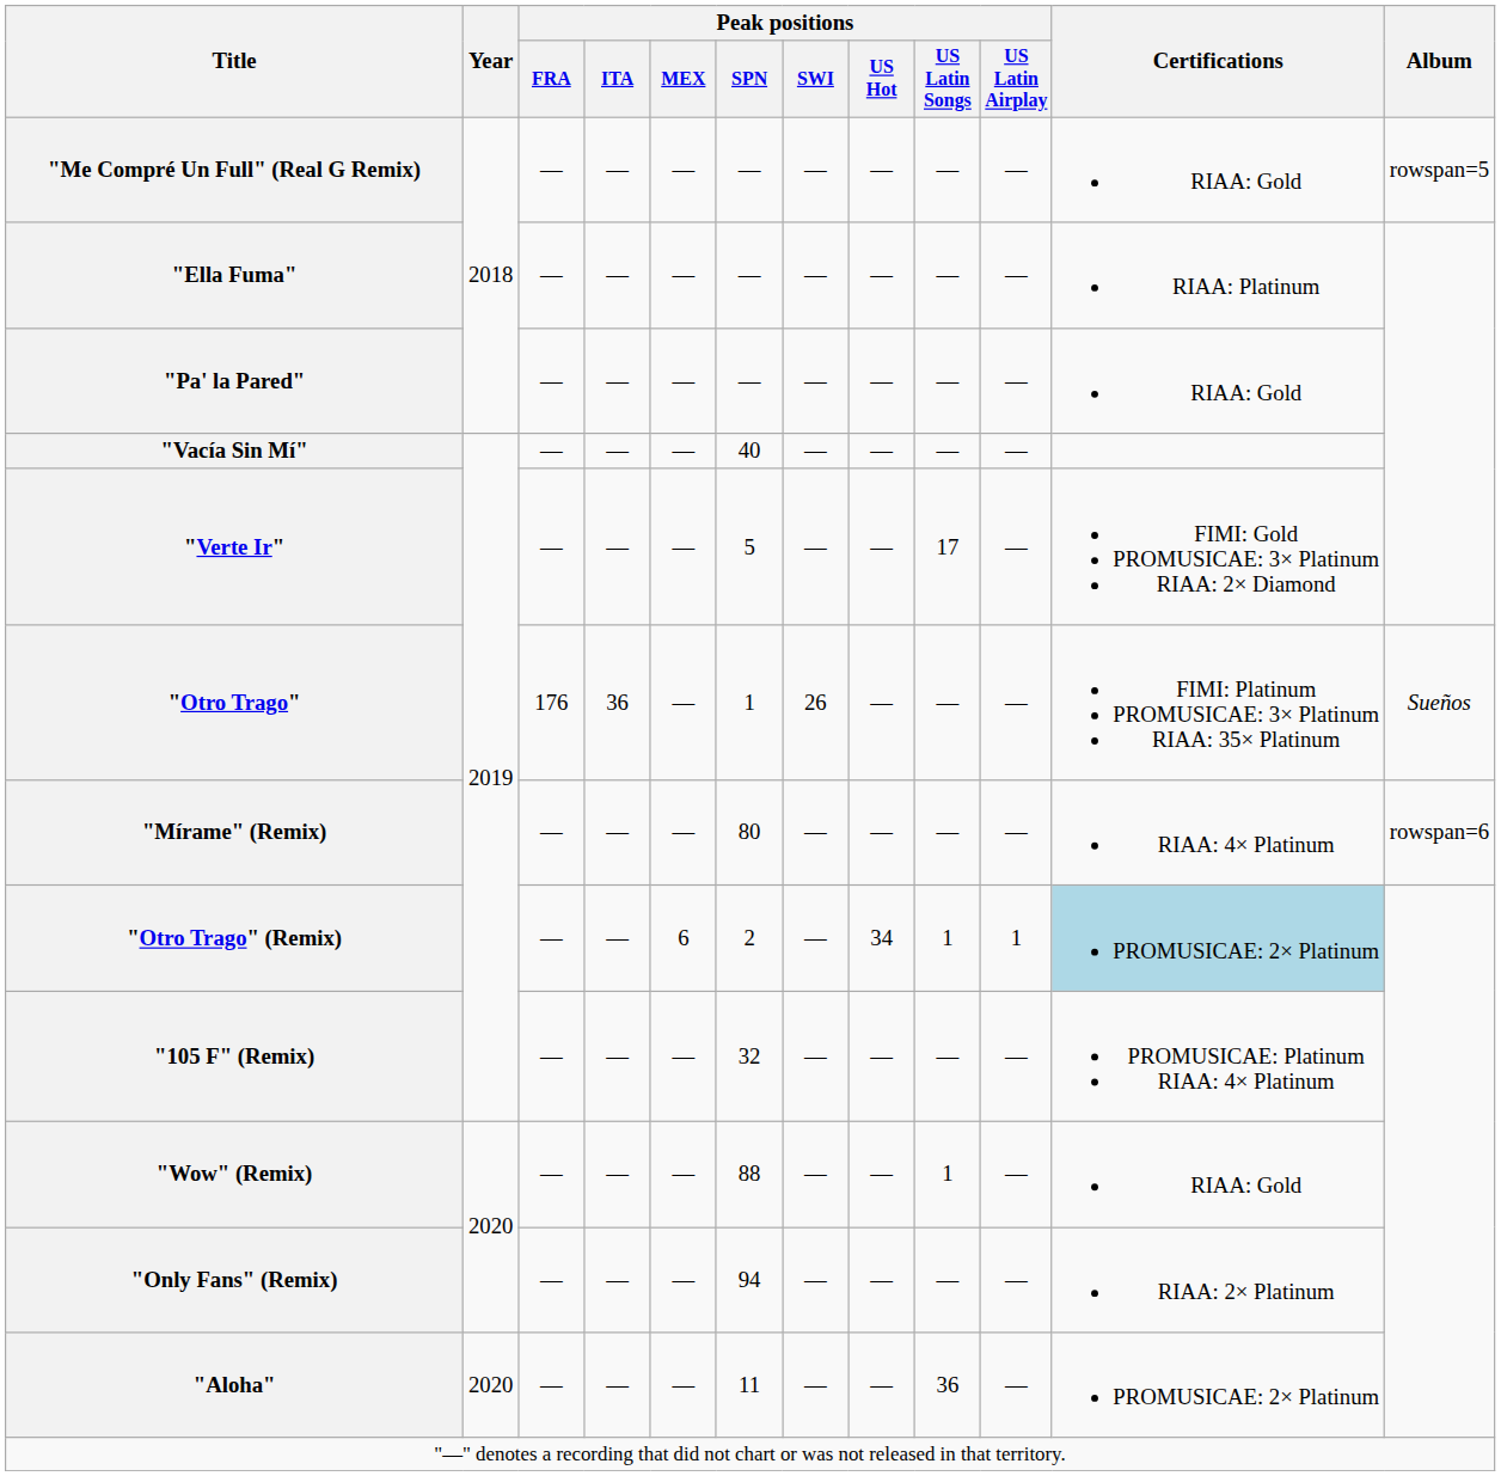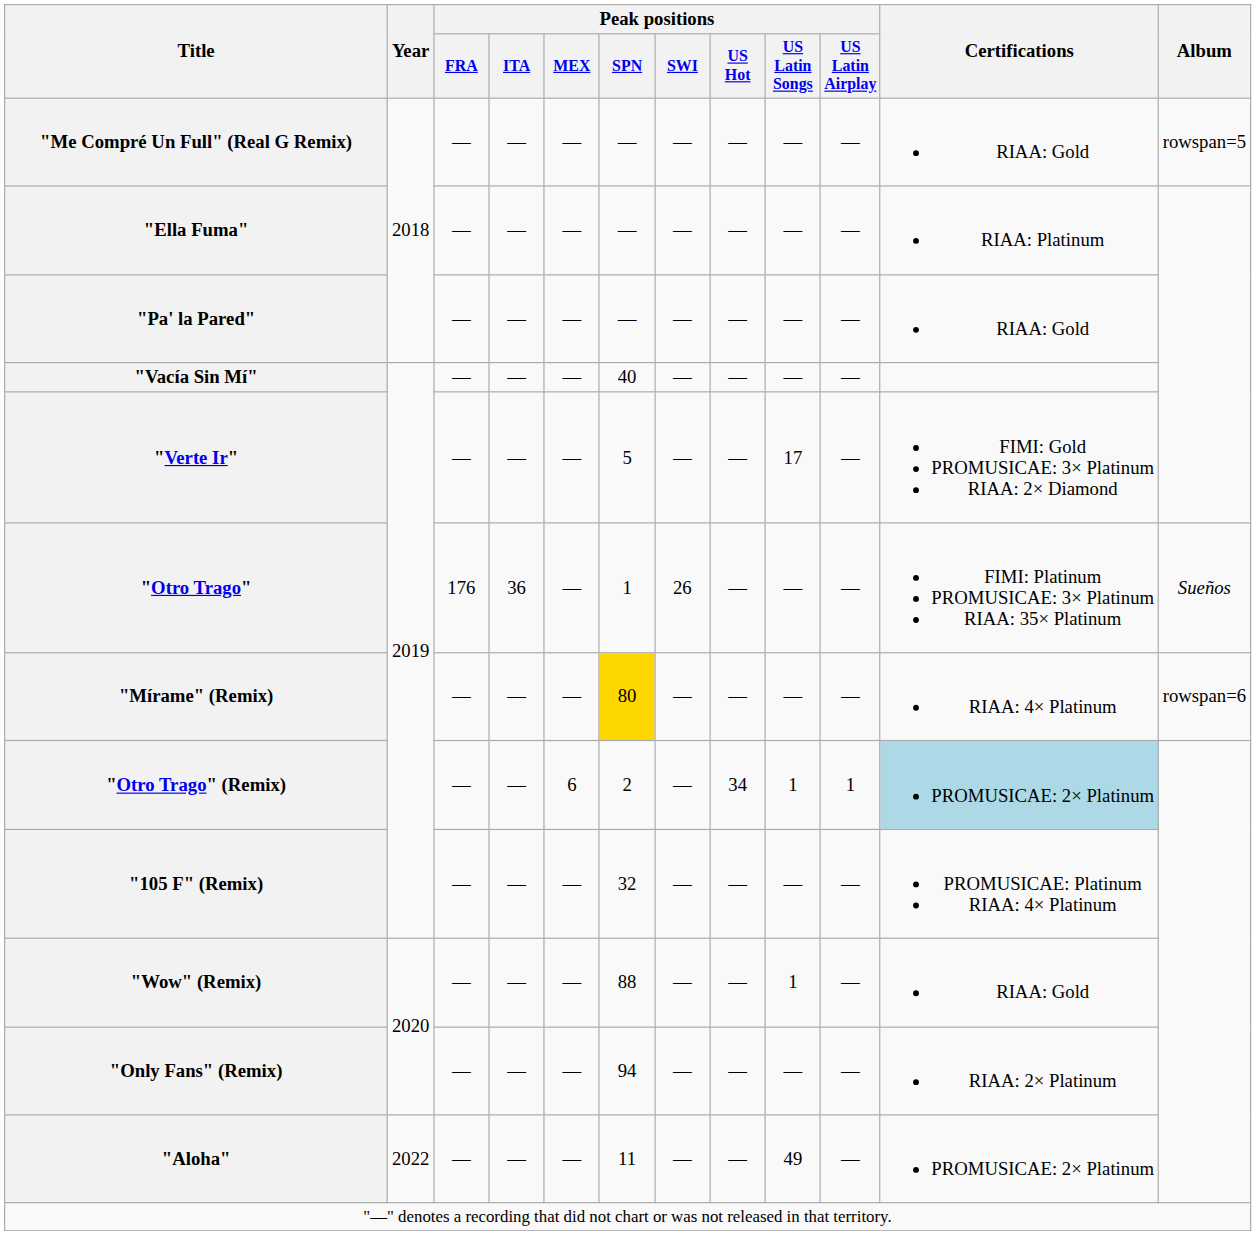 <table class="wikitable plainrowheaders" style="text-align:center">
 <tr>
 <th scope="col" rowspan="2" style="width:20em;">Title</th>
 <th scope="col" rowspan="2">Year</th>
 <th scope="col" colspan="8">Peak positions</th>
 <th scope="col" rowspan="2">Certifications</th>
 <th scope="col" rowspan="2">Album</th>
 </tr>
 <tr>
 <th scope="col" style="width:3em;font-size:85%;"><a href='#'>FRA</a><br></th>
 <th scope="col" style="width:3em;font-size:85%;"><a href='#'>ITA</a><br></th>
 <th scope="col" style="width:3em;font-size:85%;"><a href='#'>MEX</a><br></th>
 <th scope="col" style="width:3em;font-size:85%;"><a href='#'>SPN</a><br></th>
 <th scope="col" style="width:3em;font-size:85%;"><a href='#'>SWI</a><br></th>
 <th scope="col" style="width:3em;font-size:85%;"><a href='#'>US<br>Hot</a><br></th>
 <th scope="col" style="width:3em;font-size:85%;"><a href='#'>US<br>Latin<br>Songs</a><br></th>
 <th scope="col" style="width:3em;font-size:85%;"><a href='#'>US<br>Latin<br>Airplay</a><br></th>
 </tr>
 <tr>
 <th scope="row">"Me Compré Un Full" (Real G Remix)<br></th>
 <td rowspan=3>2018</td>
 <td>—</td>
 <td>—</td>
 <td>—</td>
 <td>—</td>
 <td>—</td>
 <td>—</td>
 <td>—</td>
 <td>—</td>
 <td><br><ul><li>RIAA: Gold </li></ul></td>
 <td>rowspan=5 </td>
 </tr>
 <tr>
 <th scope="row">"Ella Fuma"<br></th>
 <td>—</td>
 <td>—</td>
 <td>—</td>
 <td>—</td>
 <td>—</td>
 <td>—</td>
 <td>—</td>
 <td>—</td>
 <td><br><ul><li>RIAA: Platinum </li></ul></td>
 </tr>
 <tr>
 <th scope="row">"Pa' la Pared"<br></th>
 <td>—</td>
 <td>—</td>
 <td>—</td>
 <td>—</td>
 <td>—</td>
 <td>—</td>
 <td>—</td>
 <td>—</td>
 <td><br><ul><li>RIAA: Gold </li></ul></td>
 </tr>
 <tr>
 <th scope="row">"Vacía Sin Mí"<br></th>
 <td rowspan=6>2019</td>
 <td>—</td>
 <td>—</td>
 <td>—</td>
 <td>40</td>
 <td>—</td>
 <td>—</td>
 <td>—</td>
 <td>—</td>
 <td></td>
 </tr>
 <tr>
 <th scope="row">"<a href='#'>Verte Ir</a>"<br></th>
 <td>—</td>
 <td>—</td>
 <td>—</td>
 <td>5</td>
 <td>—</td>
 <td>—</td>
 <td>17</td>
 <td>—</td>
 <td><br><ul><li>FIMI: Gold</li><li>PROMUSICAE: 3× Platinum</li><li>RIAA: 2× Diamond </li></ul></td>
 </tr>
 <tr>
 <th scope="row">"<a href='#'>Otro Trago</a>"<br></th>
 <td>176</td>
 <td>36</td>
 <td>—</td>
 <td>1</td>
 <td>26</td>
 <td>—</td>
 <td>—</td>
 <td>—</td>
 <td><br><ul><li>FIMI: Platinum</li><li>PROMUSICAE: 3× Platinum</li><li>RIAA: 35× Platinum </li></ul></td>
 <td><em>Sueños</em></td>
 </tr>
 <tr>
 <th scope="row">"Mírame" (Remix)<br></th>
 <td>—</td>
 <td>—</td>
 <td>—</td>
-<td>80</td>
+<td style="background: gold;">80</td>
 <td>—</td>
 <td>—</td>
 <td>—</td>
 <td>—</td>
 <td><br><ul><li>RIAA: 4× Platinum </li></ul></td>
 <td>rowspan=6 </td>
 </tr>
 <tr>
 <th scope="row">"<a href='#'>Otro Trago</a>" (Remix)<br></th>
 <td>—</td>
 <td>—</td>
 <td>6</td>
 <td>2</td>
 <td>—</td>
 <td>34</td>
 <td>1</td>
 <td>1</td>
 <td style="background: lightblue;"><br><ul><li>PROMUSICAE: 2× Platinum</li></ul></td>
 </tr>
 <tr>
 <th scope="row">"105 F" (Remix)<br></th>
 <td>—</td>
 <td>—</td>
 <td>—</td>
 <td>32</td>
 <td>—</td>
 <td>—</td>
 <td>—</td>
 <td>—</td>
 <td><br><ul><li>PROMUSICAE: Platinum</li><li>RIAA: 4× Platinum </li></ul></td>
 </tr>
 <tr>
 <th scope="row">"Wow" (Remix)<br></th>
 <td rowspan=2>2020</td>
 <td>—</td>
 <td>—</td>
 <td>—</td>
 <td>88</td>
 <td>—</td>
 <td>—</td>
 <td>1</td>
 <td>—</td>
 <td><br><ul><li>RIAA: Gold </li></ul></td>
 </tr>
 <tr>
 <th scope="row">"Only Fans" (Remix)<br></th>
 <td>—</td>
 <td>—</td>
 <td>—</td>
 <td>94</td>
 <td>—</td>
 <td>—</td>
 <td>—</td>
 <td>—</td>
 <td><br><ul><li>RIAA: 2× Platinum </li></ul></td>
 </tr>
 <tr>
 <th scope="row">"Aloha"<br></th>
-<td>2020</td>
+<td>2022</td>
 <td>—</td>
 <td>—</td>
 <td>—</td>
 <td>11</td>
 <td>—</td>
 <td>—</td>
-<td>36</td>
+<td>49</td>
 <td>—</td>
 <td><br><ul><li>PROMUSICAE: 2× Platinum</li></ul></td>
 </tr>
 <tr>
 <td colspan="15" style="font-size:90%">"—" denotes a recording that did not chart or was not released in that territory.</td>
 </tr>
 </table>
